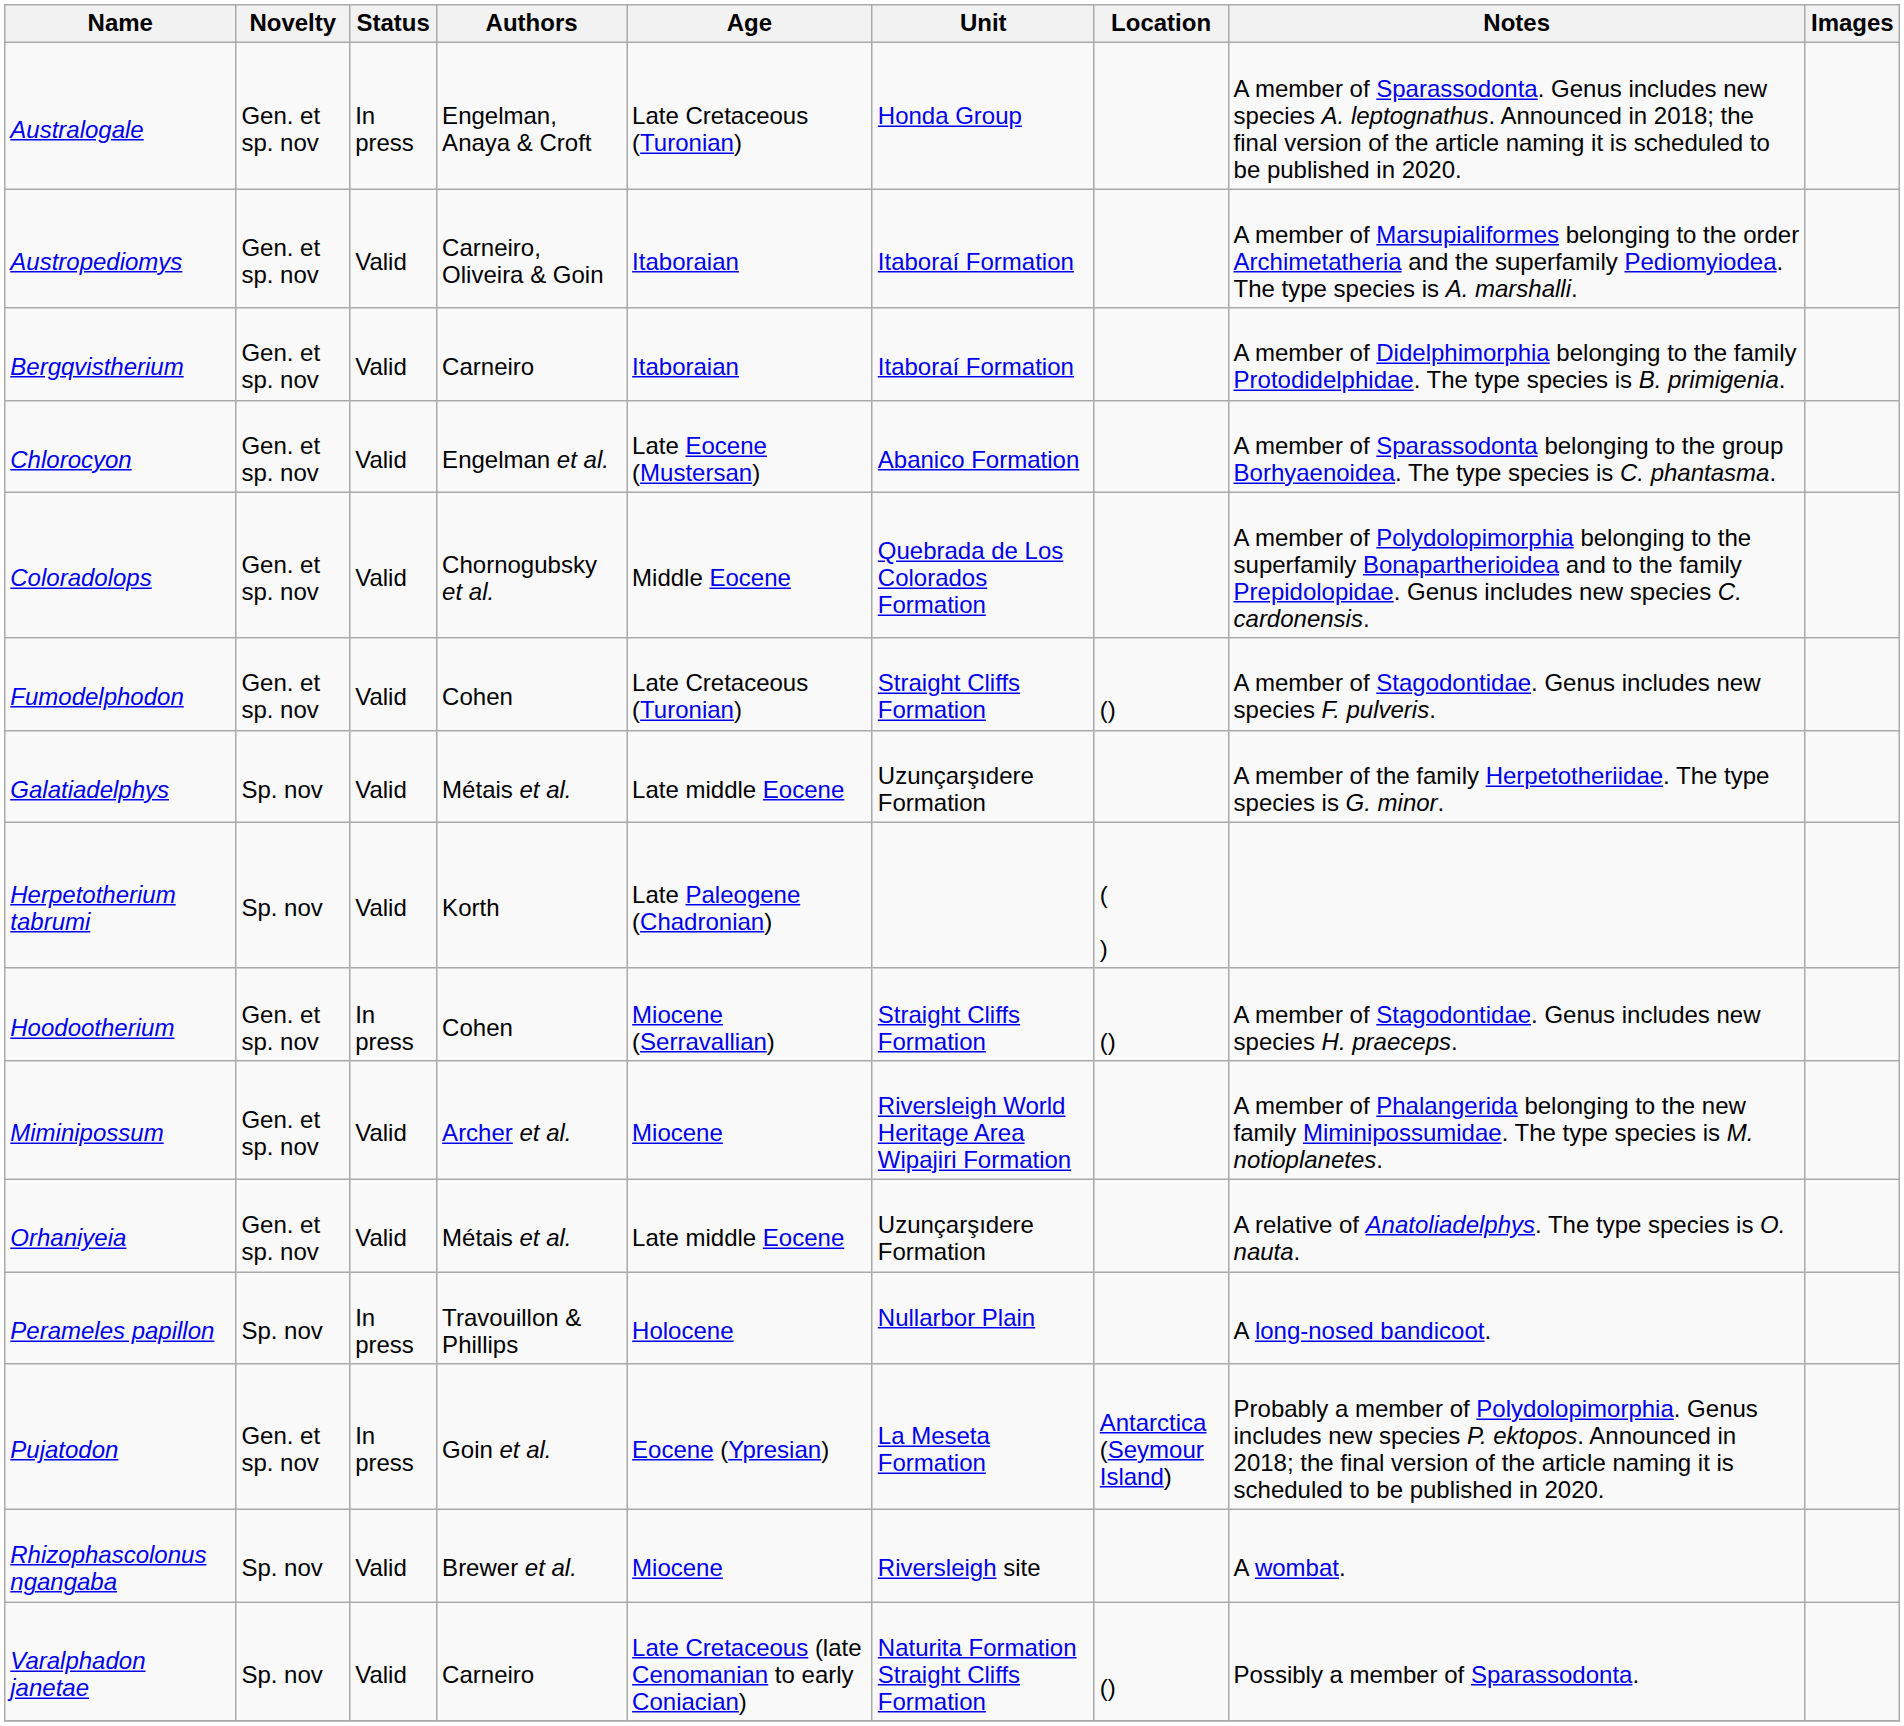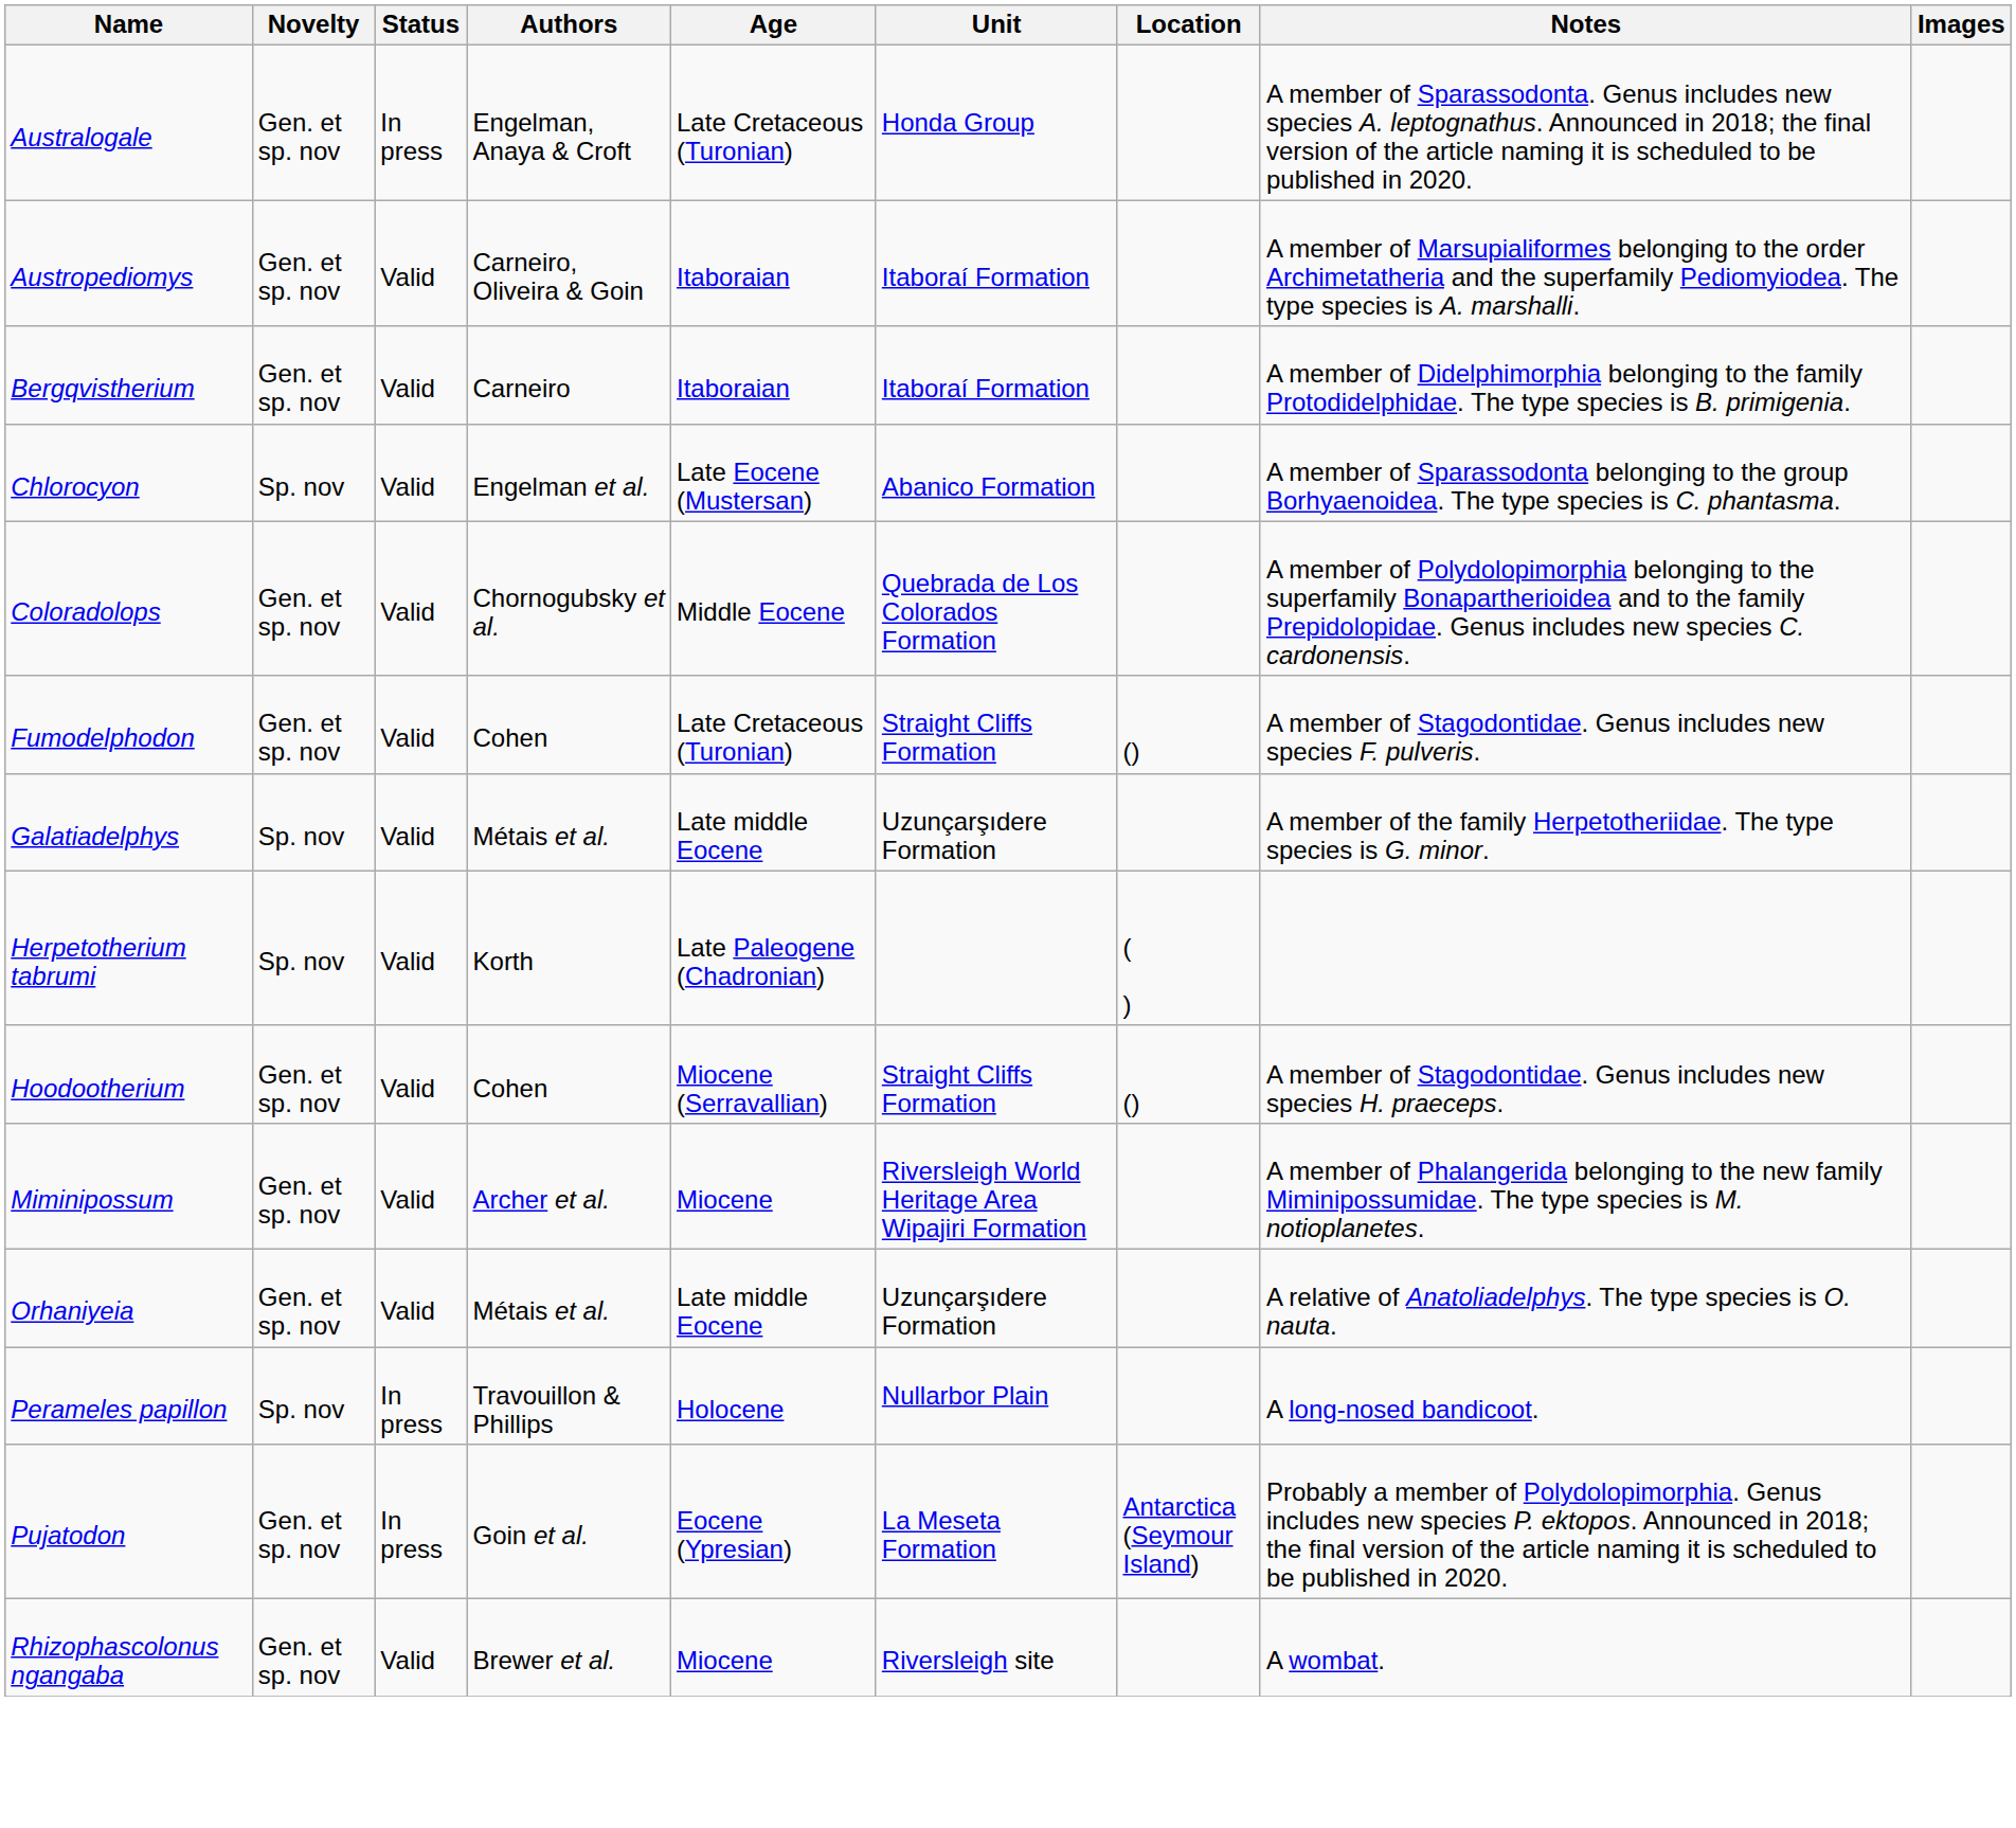 <table class="wikitable sortable" align="center" width="100%">
 <tr>
 <th>Name</th>
 <th>Novelty</th>
 <th>Status</th>
 <th>Authors</th>
 <th>Age</th>
 <th>Unit</th>
 <th>Location</th>
 <th>Notes</th>
 <th>Images</th>
 </tr>
 <tr>
 <td><br><em><a href='#'>Australogale</a></em></td>
 <td><br>Gen. et sp. nov</td>
 <td><br>In press</td>
 <td><br>Engelman, Anaya & Croft</td>
 <td><br>Late Cretaceous (<a href='#'>Turonian</a>)</td>
 <td><a href='#'>Honda Group</a></td>
 <td><br></td>
 <td><br>A member of <a href='#'>Sparassodonta</a>. Genus includes new species <em>A. leptognathus</em>. Announced in 2018; the final version of the article naming it is scheduled to be published in 2020.</td>
 <td></td>
 </tr>
 <tr>
 <td><br><em><a href='#'>Austropediomys</a></em></td>
 <td><br>Gen. et sp. nov</td>
 <td><br>Valid</td>
 <td><br>Carneiro, Oliveira & Goin</td>
 <td><br><a href='#'>Itaboraian</a></td>
 <td><br><a href='#'>Itaboraí Formation</a></td>
 <td><br></td>
 <td><br>A member of <a href='#'>Marsupialiformes</a> belonging to the order <a href='#'>Archimetatheria</a> and the superfamily <a href='#'>Pediomyiodea</a>. The type species is <em>A. marshalli</em>.</td>
 <td></td>
 </tr>
 <tr>
 <td><br><em><a href='#'>Bergqvistherium</a></em></td>
 <td><br>Gen. et sp. nov</td>
 <td><br>Valid</td>
 <td><br>Carneiro</td>
 <td><br><a href='#'>Itaboraian</a></td>
 <td><br><a href='#'>Itaboraí Formation</a></td>
 <td><br></td>
 <td><br>A member of <a href='#'>Didelphimorphia</a> belonging to the family <a href='#'>Protodidelphidae</a>. The type species is <em>B. primigenia</em>.</td>
 <td></td>
 </tr>
 <tr>
 <td><br><em><a href='#'>Chlorocyon</a></em></td>
-<td><br>Gen. et sp. nov</td>
+<td><br>Sp. nov</td>
 <td><br>Valid</td>
 <td><br>Engelman <em>et al.</em></td>
 <td><br>Late <a href='#'>Eocene</a> (<a href='#'>Mustersan</a>)</td>
 <td><br><a href='#'>Abanico Formation</a></td>
 <td><br></td>
 <td><br>A member of <a href='#'>Sparassodonta</a> belonging to the group <a href='#'>Borhyaenoidea</a>. The type species is <em>C. phantasma</em>.</td>
 <td></td>
 </tr>
 <tr>
 <td><br><em><a href='#'>Coloradolops</a></em></td>
 <td><br>Gen. et sp. nov</td>
 <td><br>Valid</td>
 <td><br>Chornogubsky <em>et al.</em></td>
 <td><br>Middle <a href='#'>Eocene</a></td>
 <td><br><a href='#'>Quebrada de Los Colorados Formation</a></td>
 <td><br></td>
 <td><br>A member of <a href='#'>Polydolopimorphia</a> belonging to the superfamily <a href='#'>Bonapartherioidea</a> and to the family <a href='#'>Prepidolopidae</a>. Genus includes new species <em>C. cardonensis</em>.</td>
 <td></td>
 </tr>
 <tr>
 <td><br><em><a href='#'>Fumodelphodon</a></em></td>
 <td><br>Gen. et sp. nov</td>
 <td><br>Valid</td>
 <td><br>Cohen</td>
 <td><br>Late Cretaceous (<a href='#'>Turonian</a>)</td>
 <td><br><a href='#'>Straight Cliffs Formation</a></td>
 <td><br><br>()</td>
 <td><br>A member of <a href='#'>Stagodontidae</a>. Genus includes new species <em>F. pulveris</em>.</td>
 <td></td>
 </tr>
 <tr>
 <td><br><em><a href='#'>Galatiadelphys</a></em></td>
 <td><br>Sp. nov</td>
 <td><br>Valid</td>
 <td><br>Métais <em>et al.</em></td>
 <td><br>Late middle <a href='#'>Eocene</a></td>
 <td><br>Uzunçarşıdere Formation</td>
 <td><br></td>
 <td><br>A member of the family <a href='#'>Herpetotheriidae</a>. The type species is <em>G. minor</em>.</td>
 <td></td>
 </tr>
 <tr>
 <td><br><em><a href='#'>Herpetotherium tabrumi</a></em></td>
 <td><br>Sp. nov</td>
 <td><br>Valid</td>
 <td><br>Korth</td>
 <td><br>Late <a href='#'>Paleogene</a> (<a href='#'>Chadronian</a>)</td>
 <td></td>
 <td><br><br>(<br><br>)</td>
 <td></td>
 <td></td>
 </tr>
 <tr>
 <td><br><em><a href='#'>Hoodootherium</a></em></td>
 <td><br>Gen. et sp. nov</td>
-<td><br>In press</td>
+<td><br>Valid</td>
 <td><br>Cohen</td>
 <td><br><a href='#'>Miocene</a> (<a href='#'>Serravallian</a>)</td>
 <td><br><a href='#'>Straight Cliffs Formation</a></td>
 <td><br><br>()</td>
 <td><br>A member of <a href='#'>Stagodontidae</a>. Genus includes new species <em>H. praeceps</em>.</td>
 <td></td>
 </tr>
 <tr>
 <td><br><em><a href='#'>Miminipossum</a></em></td>
 <td><br>Gen. et sp. nov</td>
 <td><br>Valid</td>
 <td><br><a href='#'>Archer</a> <em>et al.</em></td>
 <td><br><a href='#'>Miocene</a></td>
 <td><br><a href='#'>Riversleigh World Heritage Area</a><br> <a href='#'>Wipajiri Formation</a></td>
 <td><br></td>
 <td><br>A member of <a href='#'>Phalangerida</a> belonging to the new family <a href='#'>Miminipossumidae</a>. The type species is <em>M. notioplanetes</em>.</td>
 <td></td>
 </tr>
 <tr>
 <td><br><em><a href='#'>Orhaniyeia</a></em></td>
 <td><br>Gen. et sp. nov</td>
 <td><br>Valid</td>
 <td><br>Métais <em>et al.</em></td>
 <td><br>Late middle <a href='#'>Eocene</a></td>
 <td><br>Uzunçarşıdere Formation</td>
 <td><br></td>
 <td><br>A relative of <em><a href='#'>Anatoliadelphys</a></em>. The type species is <em>O. nauta</em>.</td>
 <td></td>
 </tr>
 <tr>
 <td><br><em><a href='#'>Perameles papillon</a></em></td>
 <td><br>Sp. nov</td>
 <td><br>In press</td>
 <td><br>Travouillon & Phillips</td>
 <td><br><a href='#'>Holocene</a></td>
 <td><a href='#'>Nullarbor Plain</a></td>
 <td><br></td>
 <td><br>A <a href='#'>long-nosed bandicoot</a>.</td>
 <td></td>
 </tr>
 <tr>
 <td><br><em><a href='#'>Pujatodon</a></em></td>
 <td><br>Gen. et sp. nov</td>
 <td><br>In press</td>
 <td><br>Goin <em>et al.</em></td>
 <td><br><a href='#'>Eocene</a> (<a href='#'>Ypresian</a>)</td>
 <td><br><a href='#'>La Meseta Formation</a></td>
 <td><br><a href='#'>Antarctica</a><br>(<a href='#'>Seymour Island</a>)</td>
 <td><br>Probably a member of <a href='#'>Polydolopimorphia</a>. Genus includes new species <em>P. ektopos</em>. Announced in 2018; the final version of the article naming it is scheduled to be published in 2020.</td>
 <td></td>
 </tr>
 <tr>
 <td><br><em><a href='#'>Rhizophascolonus ngangaba</a></em></td>
-<td><br>Sp. nov</td>
+<td><br>Gen. et sp. nov</td>
 <td><br>Valid</td>
 <td><br>Brewer <em>et al.</em></td>
 <td><br><a href='#'>Miocene</a></td>
 <td><br><a href='#'>Riversleigh</a> site</td>
 <td><br></td>
 <td><br>A <a href='#'>wombat</a>.</td>
 <td></td>
 </tr>
 <tr>
-<td><br><em><a href='#'>Varalphadon janetae</a></em></td>
-<td><br>Sp. nov</td>
-<td><br>Valid</td>
-<td><br>Carneiro</td>
-<td><br><a href='#'>Late Cretaceous</a> (late <a href='#'>Cenomanian</a> to early <a href='#'>Coniacian</a>)</td>
-<td><br><a href='#'>Naturita Formation</a><br> <a href='#'>Straight Cliffs Formation</a></td>
-<td><br><br>()</td>
-<td><br>Possibly a member of <a href='#'>Sparassodonta</a>.</td>
-<td></td>
-</tr>
-<tr>
 </tr>
 </table>
